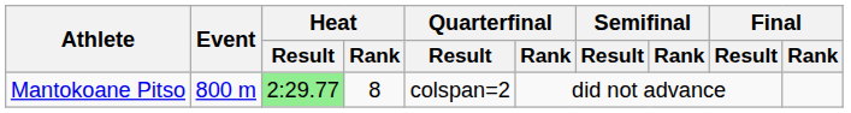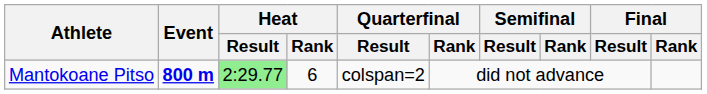 <table class="wikitable" style="font-size:90%">
 <tr>
 <th rowspan="2">Athlete</th>
 <th rowspan="2">Event</th>
 <th colspan="2">Heat</th>
 <th colspan="2">Quarterfinal</th>
 <th colspan="2">Semifinal</th>
 <th colspan="2">Final</th>
 </tr>
 <tr style="font-size:95%">
 <th>Result</th>
 <th>Rank</th>
 <th>Result</th>
 <th>Rank</th>
 <th>Result</th>
 <th>Rank</th>
 <th>Result</th>
 <th>Rank</th>
 </tr>
 <tr align=center>
 <td style="text-align:left;"><a href='#'>Mantokoane Pitso</a></td>
-<td align=left><a href='#'>800 m</a></td>
+<td align=left><strong><a href='#'>800 m</a></strong></td>
 <td style="background: lightgreen;">2:29.77</td>
-<td>8</td>
+<td>6</td>
 <td>colspan=2 </td>
 <td colspan=4>did not advance</td>
 </tr>
 </table>
